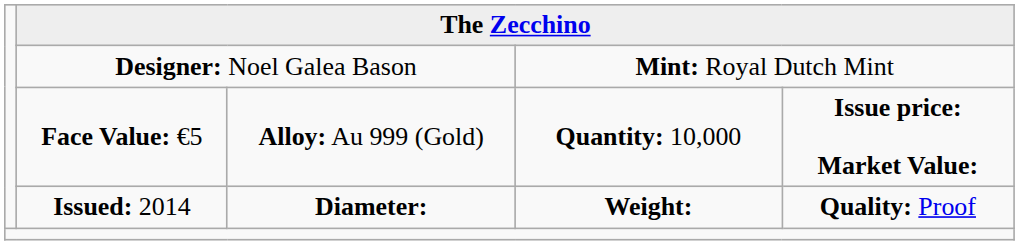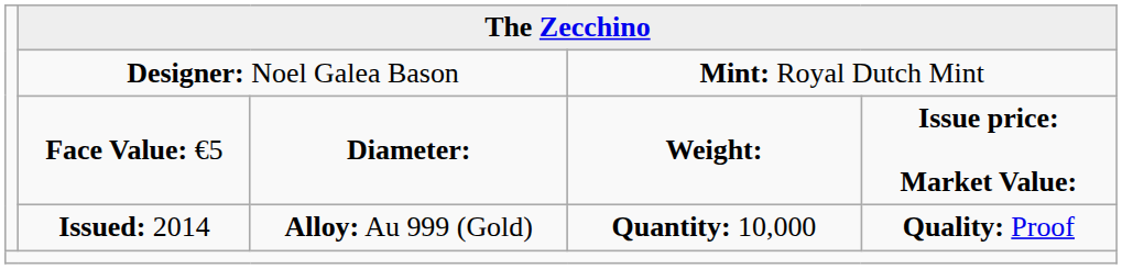 <table class="wikitable" width=100%>
 <tr>
 <td rowspan=4 width="330px" nowrap align=center></td>
 <th colspan="4" align=center style="background:#eeeeee;">The <a href='#'>Zecchino</a></th>
 </tr>
 <tr>
 <td colspan="2" width="50%" align=center><strong>Designer:</strong> Noel Galea Bason</td>
 <td colspan="2" width="50%" align=center><strong>Mint:</strong> Royal Dutch Mint</td>
 </tr>
 <tr>
 <td align=center><strong>Face Value:</strong> €5</td>
-<td align=center><strong>Alloy:</strong> Au 999 (Gold)</td>
-<td align=center><strong>Quantity:</strong> 10,000</td>
+<td align=center><strong>Diameter:</strong> </td>
+<td align=center><strong>Weight:</strong> </td>
 <td align=center><strong>Issue price:</strong><br><br> <strong>Market Value:</strong></td>
 </tr>
 <tr>
 <td align=center><strong>Issued:</strong> 2014</td>
-<td align=center><strong>Diameter:</strong> </td>
-<td align=center><strong>Weight:</strong> </td>
+<td align=center><strong>Alloy:</strong> Au 999 (Gold)</td>
+<td align=center><strong>Quantity:</strong> 10,000</td>
 <td align=center><strong>Quality:</strong> <a href='#'>Proof</a></td>
 </tr>
 <tr>
 <td colspan="5" align=left></td>
 </tr>
 </table>
